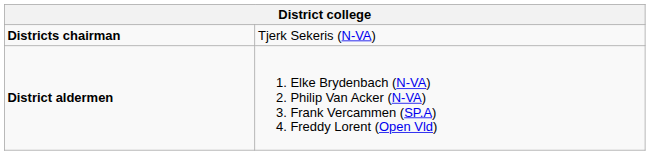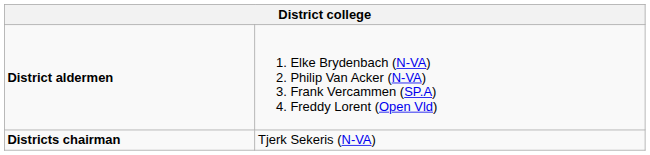 <table class="wikitable" width="50%">
 <tr>
 <th colspan="2">District college</th>
 </tr>
 <tr>
+<td><strong>District aldermen</strong></td>
+<td><br><ol><li>Elke Brydenbach (<a href='#'>N-VA</a>)</li><li>Philip Van Acker (<a href='#'>N-VA</a>)</li><li>Frank Vercammen (<a href='#'>SP.A</a>)</li><li>Freddy Lorent (<a href='#'>Open Vld</a>)</li></ol></td>
+</tr>
+<tr>
 <td><strong>Districts chairman</strong></td>
 <td>Tjerk Sekeris (<a href='#'>N-VA</a>)</td>
 </tr>
-<tr>
-<td><strong>District aldermen</strong></td>
-<td><br><ol><li>Elke Brydenbach (<a href='#'>N-VA</a>)</li><li>Philip Van Acker (<a href='#'>N-VA</a>)</li><li>Frank Vercammen (<a href='#'>SP.A</a>)</li><li>Freddy Lorent (<a href='#'>Open Vld</a>)</li></ol></td>
-</tr>
 </table>
